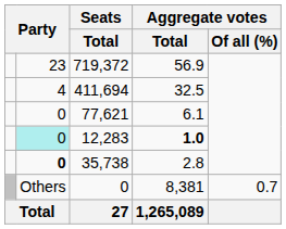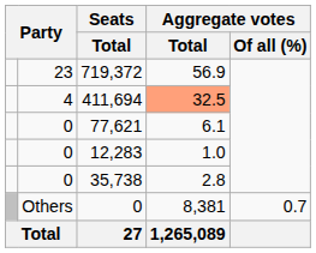 <table class="wikitable" style="text-align:right; font-size:95%;">
 <tr>
 <th colspan="2" rowspan="2">Party</th>
 <th>Seats</th>
 <th colspan="2">Aggregate votes</th>
 </tr>
 <tr>
 <th>Total</th>
 <th>Total</th>
 <th>Of all (%)</th>
 </tr>
 <tr>
 <td></td>
 <td>23</td>
 <td>719,372</td>
 <td>56.9</td>
 </tr>
 <tr>
 <td></td>
 <td>4</td>
 <td>411,694</td>
-<td>32.5</td>
+<td style="background: lightsalmon;">32.5</td>
 </tr>
 <tr>
 <td></td>
 <td>0</td>
 <td>77,621</td>
 <td>6.1</td>
 </tr>
 <tr>
 <td></td>
-<td style="background: paleturquoise;">0</td>
+<td>0</td>
 <td>12,283</td>
-<td><strong>1.0</strong></td>
+<td>1.0</td>
 </tr>
 <tr>
 <td></td>
-<td><strong>0</strong></td>
+<td>0</td>
 <td>35,738</td>
 <td>2.8</td>
 </tr>
 <tr>
 <td style="background:silver;"> </td>
 <td align=left>Others</td>
 <td>0</td>
 <td>8,381</td>
 <td>0.7</td>
 </tr>
 <tr>
 <th colspan="2" style="background:#f2f2f2"><strong>Total</strong></th>
 <td style="background:#f2f2f2;"><strong>27</strong></td>
 <td style="background:#f2f2f2;"><strong>1,265,089</strong></td>
 <td style="background:#f2f2f2;"></td>
 </tr>
 </table>
